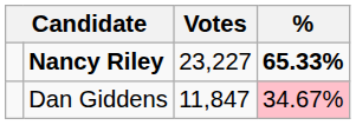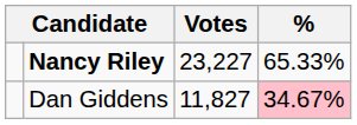 <table class="wikitable">
 <tr>
 <th colspan="2" rowspan="1" align="center" valign="top"><strong>Candidate</strong></th>
 <th valign="top"><strong>Votes</strong></th>
 <th valign="top"><strong>%</strong></th>
 </tr>
 <tr>
 <td style="background-color:"> </td>
 <td><strong>Nancy Riley</strong></td>
 <td>23,227</td>
-<td><strong>65.33%</strong></td>
+<td>65.33%</td>
 </tr>
 <tr>
 <td style="background-color:"> </td>
 <td>Dan Giddens</td>
-<td>11,847</td>
+<td>11,827</td>
 <td style="background: pink;">34.67%</td>
 </tr>
 </table>
